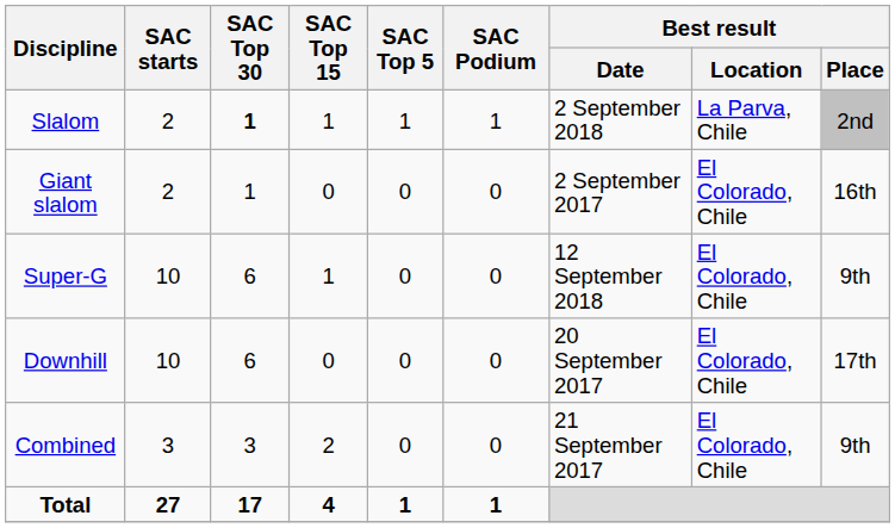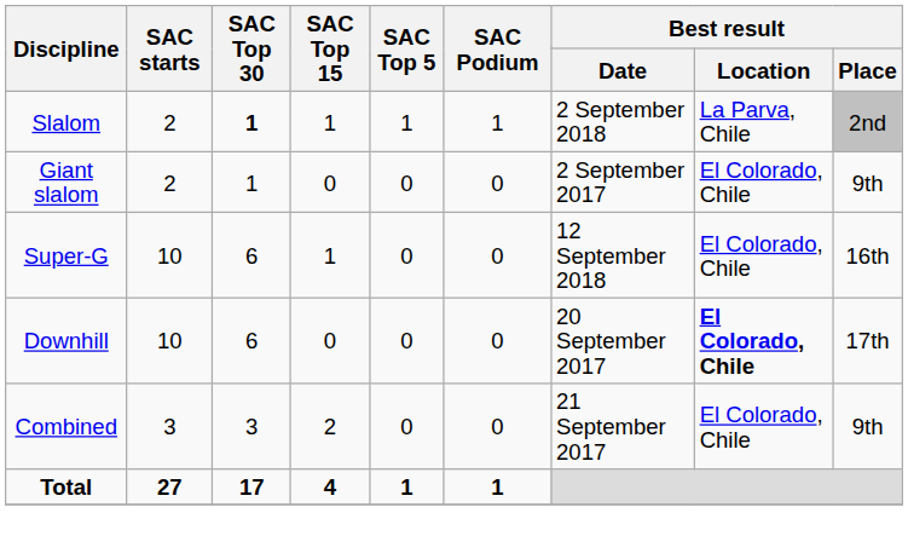 <table class="wikitable" style="text-align:center; font-size:95%;">
 <tr>
 <th rowspan=2>Discipline</th>
 <th rowspan=2>SAC starts</th>
 <th rowspan=2>SAC Top 30</th>
 <th rowspan=2>SAC Top 15</th>
 <th rowspan=2>SAC Top 5</th>
 <th rowspan=2>SAC Podium</th>
 <th colspan=3>Best result</th>
 </tr>
 <tr>
 <th>Date</th>
 <th>Location</th>
 <th>Place</th>
 </tr>
 <tr>
 <td align=center><a href='#'>Slalom</a></td>
 <td align=center>2</td>
 <td align=center><strong>1</strong></td>
 <td align=center>1</td>
 <td align=center>1</td>
 <td align=center>1</td>
 <td align=left>2 September 2018</td>
 <td align=left> <a href='#'>La Parva</a>, Chile</td>
 <td bgcolor="silver">2nd</td>
 </tr>
 <tr>
 <td align=center><a href='#'>Giant slalom</a></td>
 <td align=center>2</td>
 <td align=center>1</td>
 <td align=center>0</td>
 <td align=center>0</td>
 <td align=center>0</td>
 <td align=left>2 September 2017</td>
 <td align=left> <a href='#'>El Colorado</a>, Chile</td>
-<td>16th</td>
+<td>9th</td>
 </tr>
 <tr>
 <td align=center><a href='#'>Super-G</a></td>
 <td align=center>10</td>
 <td align=center>6</td>
 <td align=center>1</td>
 <td align=center>0</td>
 <td align=center>0</td>
 <td align=left>12 September 2018</td>
 <td align=left> <a href='#'>El Colorado</a>, Chile</td>
-<td>9th</td>
+<td>16th</td>
 </tr>
 <tr>
 <td align=center><a href='#'>Downhill</a></td>
 <td align=center>10</td>
 <td align=center>6</td>
 <td align=center>0</td>
 <td align=center>0</td>
 <td align=center>0</td>
 <td align=left>20 September 2017</td>
-<td align=left> <a href='#'>El Colorado</a>, Chile</td>
+<td align=left><strong> <a href='#'>El Colorado</a>, Chile</strong></td>
 <td>17th</td>
 </tr>
 <tr>
 <td align=center><a href='#'>Combined</a></td>
 <td align=center>3</td>
 <td align=center>3</td>
 <td align=center>2</td>
 <td align=center>0</td>
 <td align=center>0</td>
 <td align=left>21 September 2017</td>
 <td align=left> <a href='#'>El Colorado</a>, Chile</td>
 <td>9th</td>
 </tr>
 <tr>
 <td align=center><strong>Total</strong></td>
 <td align=center><strong>27</strong></td>
 <td align=center><strong>17</strong></td>
 <td align=center><strong>4</strong></td>
 <td align=center><strong>1</strong></td>
 <td align=center><strong>1</strong></td>
 <td colspan=3 bgcolor=#DCDCDC></td>
 </tr>
 <tr>
 </tr>
 </table>
